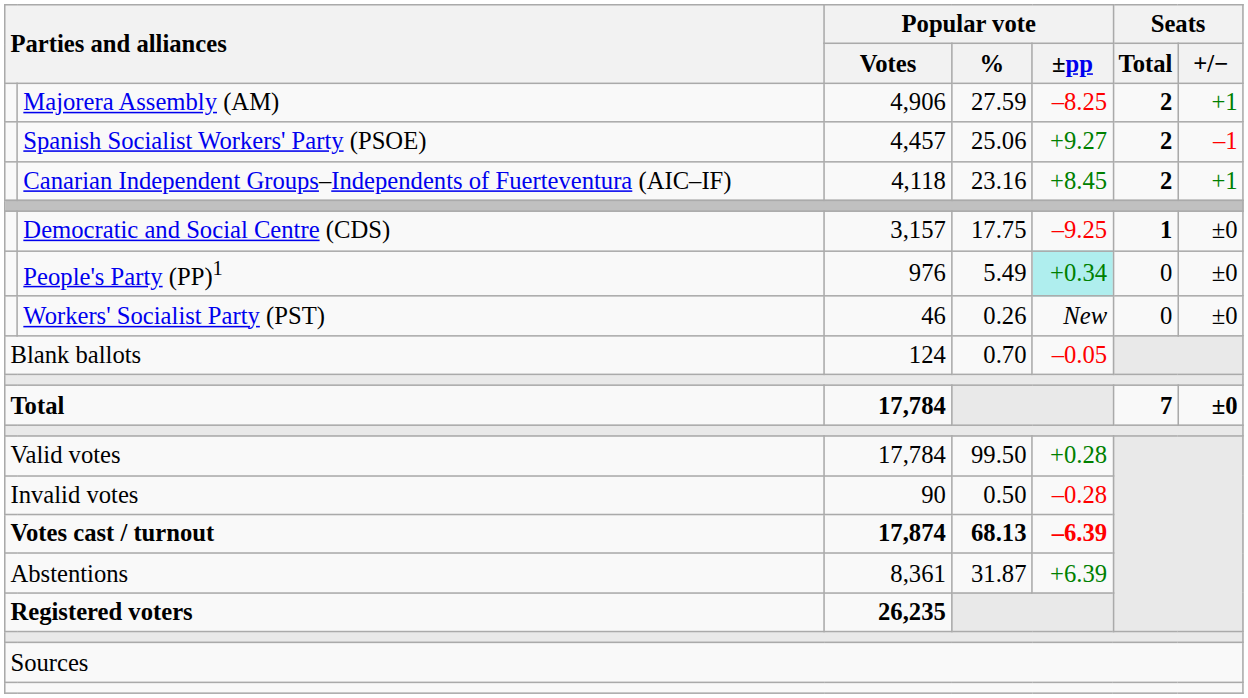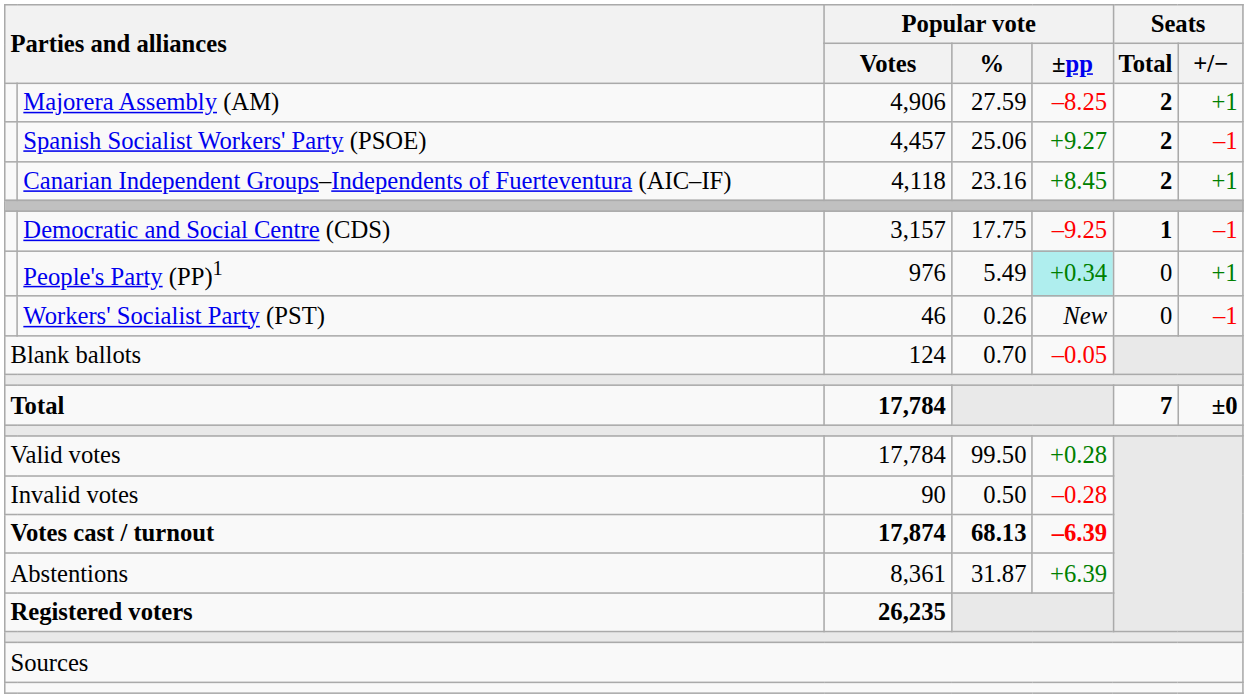 <table class="wikitable" style="text-align:right;">
 <tr>
 <th style="text-align:left;" rowspan="2" colspan="2" width="525">Parties and alliances</th>
 <th colspan="3">Popular vote</th>
 <th colspan="2">Seats</th>
 </tr>
 <tr>
 <th width="75">Votes</th>
 <th width="45">%</th>
 <th width="45">±<a href='#'>pp</a></th>
 <th width="35">Total</th>
 <th width="35">+/−</th>
 </tr>
 <tr>
 <td width="1" style="color:inherit;background:"></td>
 <td align="left"><a href='#'>Majorera Assembly</a> (AM)</td>
 <td>4,906</td>
 <td>27.59</td>
 <td style="color:red;">–8.25</td>
 <td><strong>2</strong></td>
 <td style="color:green;">+1</td>
 </tr>
 <tr>
 <td style="color:inherit;background:"></td>
 <td align="left"><a href='#'>Spanish Socialist Workers' Party</a> (PSOE)</td>
 <td>4,457</td>
 <td>25.06</td>
 <td style="color:green;">+9.27</td>
 <td><strong>2</strong></td>
 <td style="color:red;">–1</td>
 </tr>
 <tr>
 <td style="color:inherit;background:"></td>
 <td align="left"><a href='#'>Canarian Independent Groups</a>–<a href='#'>Independents of Fuerteventura</a> (AIC–IF)</td>
 <td>4,118</td>
 <td>23.16</td>
 <td style="color:green;">+8.45</td>
 <td><strong>2</strong></td>
 <td style="color:green;">+1</td>
 </tr>
 <tr>
 <td colspan="7" bgcolor="#C0C0C0"></td>
 </tr>
 <tr>
 <td style="color:inherit;background:"></td>
 <td align="left"><a href='#'>Democratic and Social Centre</a> (CDS)</td>
 <td>3,157</td>
 <td>17.75</td>
 <td style="color:red;">–9.25</td>
 <td><strong>1</strong></td>
-<td>±0</td>
+<td style="color:red;">–1</td>
 </tr>
 <tr>
 <td style="color:inherit;background:"></td>
 <td align="left"><a href='#'>People's Party</a> (PP)<sup>1</sup></td>
 <td>976</td>
 <td>5.49</td>
 <td style="background: paleturquoise; color:green;">+0.34</td>
 <td>0</td>
-<td>±0</td>
+<td style="color:green;">+1</td>
 </tr>
 <tr>
 <td style="color:inherit;background:"></td>
 <td align="left"><a href='#'>Workers' Socialist Party</a> (PST)</td>
 <td>46</td>
 <td>0.26</td>
 <td><em>New</em></td>
 <td>0</td>
-<td>±0</td>
+<td style="color:red;">–1</td>
 </tr>
 <tr>
 <td align="left" colspan="2">Blank ballots</td>
 <td>124</td>
 <td>0.70</td>
 <td style="color:red;">–0.05</td>
 <td bgcolor="#E9E9E9" colspan="2"></td>
 </tr>
 <tr>
 <td colspan="7" bgcolor="#E9E9E9"></td>
 </tr>
 <tr style="font-weight:bold;">
 <td align="left" colspan="2">Total</td>
 <td>17,784</td>
 <td bgcolor="#E9E9E9" colspan="2"></td>
 <td>7</td>
 <td>±0</td>
 </tr>
 <tr>
 <td colspan="7" bgcolor="#E9E9E9"></td>
 </tr>
 <tr>
 <td align="left" colspan="2">Valid votes</td>
 <td>17,784</td>
 <td>99.50</td>
 <td style="color:green;">+0.28</td>
 <td bgcolor="#E9E9E9" colspan="2" rowspan="5"></td>
 </tr>
 <tr>
 <td align="left" colspan="2">Invalid votes</td>
 <td>90</td>
 <td>0.50</td>
 <td style="color:red;">–0.28</td>
 </tr>
 <tr style="font-weight:bold;">
 <td align="left" colspan="2">Votes cast / turnout</td>
 <td>17,874</td>
 <td>68.13</td>
 <td style="color:red;">–6.39</td>
 </tr>
 <tr>
 <td align="left" colspan="2">Abstentions</td>
 <td>8,361</td>
 <td>31.87</td>
 <td style="color:green;">+6.39</td>
 </tr>
 <tr style="font-weight:bold;">
 <td align="left" colspan="2">Registered voters</td>
 <td>26,235</td>
 <td bgcolor="#E9E9E9" colspan="2"></td>
 </tr>
 <tr>
 <td colspan="7" bgcolor="#E9E9E9"></td>
 </tr>
 <tr>
 <td align="left" colspan="7">Sources</td>
 </tr>
 <tr>
 <td colspan="7" style="text-align:left; max-width:790px;"></td>
 </tr>
 </table>
